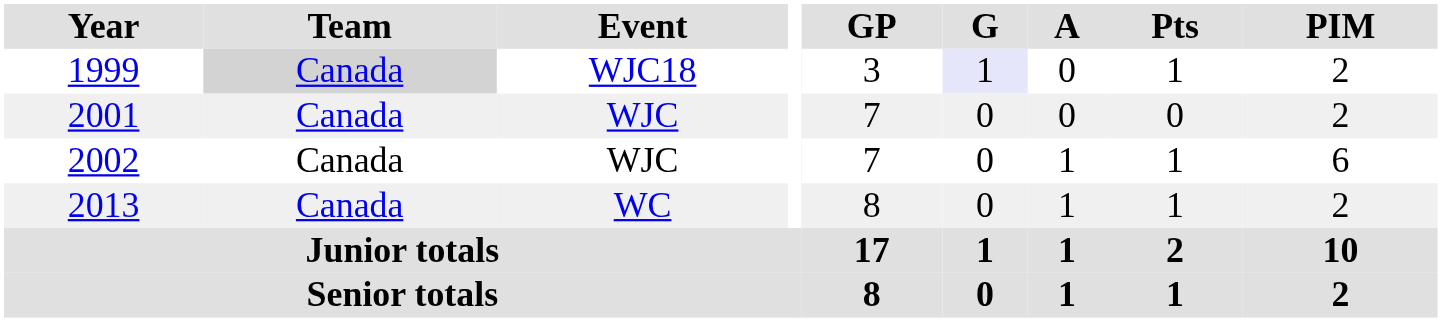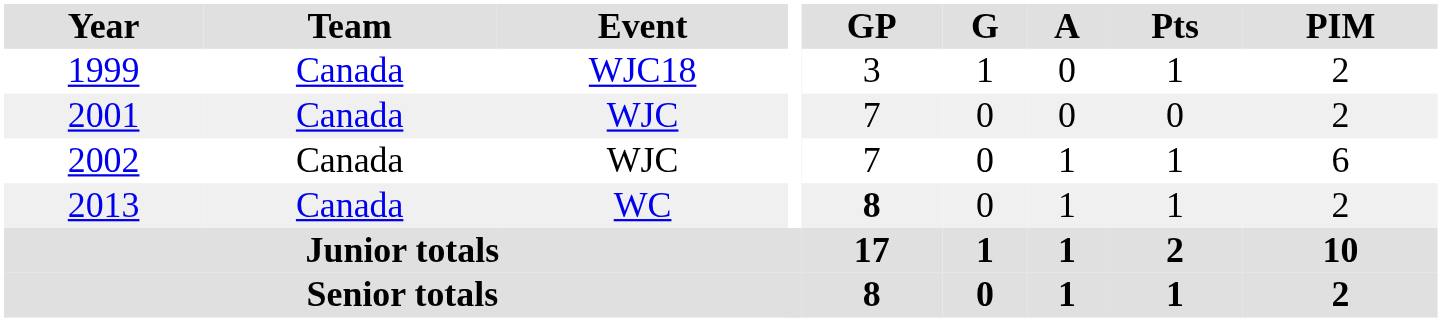 <table border="0" cellpadding="1" cellspacing="0" ID="Table3" style="text-align:center; width:40em">
 <tr bgcolor="#e0e0e0">
 <th>Year</th>
 <th>Team</th>
 <th>Event</th>
 <th rowspan="102" bgcolor="#ffffff"></th>
 <th>GP</th>
 <th>G</th>
 <th>A</th>
 <th>Pts</th>
 <th>PIM</th>
 </tr>
 <tr>
 <td><a href='#'>1999</a></td>
-<td style="background: lightgrey;"><a href='#'>Canada</a></td>
+<td><a href='#'>Canada</a></td>
 <td><a href='#'>WJC18</a></td>
 <td>3</td>
-<td style="background: lavender;">1</td>
+<td>1</td>
 <td>0</td>
 <td>1</td>
 <td>2</td>
 </tr>
 <tr bgcolor="#f0f0f0">
 <td><a href='#'>2001</a></td>
 <td><a href='#'>Canada</a></td>
 <td><a href='#'>WJC</a></td>
 <td>7</td>
 <td>0</td>
 <td>0</td>
 <td>0</td>
 <td>2</td>
 </tr>
 <tr>
 <td><a href='#'>2002</a></td>
 <td>Canada</td>
 <td>WJC</td>
 <td>7</td>
 <td>0</td>
 <td>1</td>
 <td>1</td>
 <td>6</td>
 </tr>
 <tr bgcolor="#f0f0f0">
 <td><a href='#'>2013</a></td>
 <td><a href='#'>Canada</a></td>
 <td><a href='#'>WC</a></td>
-<td>8</td>
+<td><strong>8</strong></td>
 <td>0</td>
 <td>1</td>
 <td>1</td>
 <td>2</td>
 </tr>
 <tr bgcolor="#e0e0e0">
 <th colspan="4">Junior totals</th>
 <th>17</th>
 <th>1</th>
 <th>1</th>
 <th>2</th>
 <th>10</th>
 </tr>
 <tr bgcolor="#e0e0e0">
 <th colspan="4">Senior totals</th>
 <th>8</th>
 <th>0</th>
 <th>1</th>
 <th>1</th>
 <th>2</th>
 </tr>
 </table>
